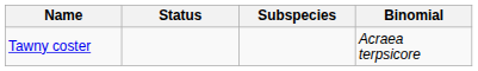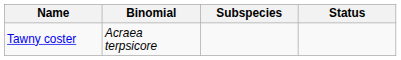 <table width=60% class="wikitable">
 <tr>
 <th width=20%>Name</th>
+<th width=20%>Binomial</th>
+<th width=20%>Subspecies</th>
 <th width=20%>Status</th>
-<th width=20%>Subspecies</th>
-<th width=20%>Binomial</th>
 </tr>
 <tr>
 <td><a href='#'>Tawny coster</a><br> </td>
+<td><em>Acraea terpsicore</em></td>
 <td></td>
 <td></td>
-<td><em>Acraea terpsicore</em></td>
 </tr>
 </table>
